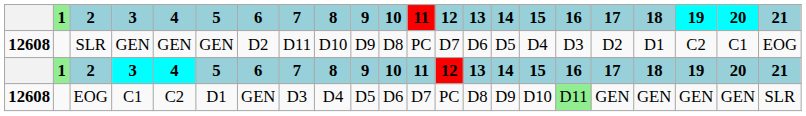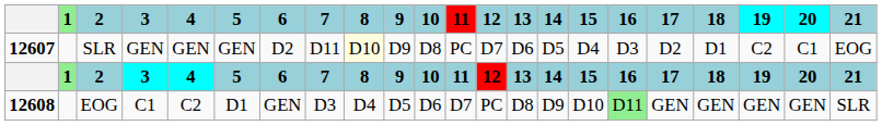 <table class="wikitable plainrowheaders unsortable" style="text-align:center">
 <tr>
 <th></th>
 <th rowspan="1" scope="col" style="background:lightgreen;">1</th>
 <th rowspan="1" scope="col" style="background:#97D0D9 ;">2</th>
 <th rowspan="1" scope="col" style="background:#97D0D9 ;">3</th>
 <th rowspan="1" scope="col" style="background:#97D0D9 ;">4</th>
 <th rowspan="1" scope="col" style="background:#97D0D9 ;">5</th>
 <th rowspan="1" scope="col" style="background:#97D0D9 ;">6</th>
 <th rowspan="1" scope="col" style="background:#97D0D9 ;">7</th>
 <th rowspan="1" scope="col" style="background:#97D0D9 ;">8</th>
 <th rowspan="1" scope="col" style="background:#97D0D9 ;">9</th>
 <th rowspan="1" scope="col" style="background:#97D0D9 ;">10</th>
 <th rowspan="1" scope="col" style="background:#FB0000 ;">11</th>
 <th rowspan="1" scope="col" style="background:#97D0D9 ;">12</th>
 <th rowspan="1" scope="col" style="background:#97D0D9 ;">13</th>
 <th rowspan="1" scope="col" style="background:#97D0D9 ;">14</th>
 <th rowspan="1" scope="col" style="background:#97D0D9 ;">15</th>
 <th rowspan="1" scope="col" style="background:#97D0D9 ;">16</th>
 <th rowspan="1" scope="col" style="background:#97D0D9 ;">17</th>
 <th rowspan="1" scope="col" style="background:#97D0D9 ;">18</th>
 <th rowspan="1" scope="col" style="background:aqua ;">19</th>
 <th rowspan="1" scope="col" style="background:aqua ;">20</th>
 <th rowspan="1" scope="col" style="background:#97D0D9 ;">21</th>
 </tr>
 <tr>
-<td><strong>12608</strong></td>
+<td><strong>12607</strong></td>
 <td></td>
 <td>SLR</td>
 <td>GEN</td>
 <td>GEN</td>
 <td>GEN</td>
 <td>D2</td>
 <td>D11</td>
-<td>D10</td>
+<td style="background: lightyellow;">D10</td>
 <td>D9</td>
 <td>D8</td>
 <td>PC</td>
 <td>D7</td>
 <td>D6</td>
 <td>D5</td>
 <td>D4</td>
 <td>D3</td>
 <td>D2</td>
 <td>D1</td>
 <td>C2</td>
 <td>C1</td>
 <td>EOG</td>
 </tr>
 <tr>
 <th></th>
 <th rowspan="1" scope="col" style="background:lightgreen ;">1</th>
 <th rowspan="1" scope="col" style="background:#97D0D9 ;">2</th>
 <th rowspan="1" scope="col" style="background:aqua ;">3</th>
 <th rowspan="1" scope="col" style="background:aqua ;">4</th>
 <th rowspan="1" scope="col" style="background:#97D0D9 ;">5</th>
 <th rowspan="1" scope="col" style="background:#97D0D9 ;">6</th>
 <th rowspan="1" scope="col" style="background:#97D0D9 ;">7</th>
 <th rowspan="1" scope="col" style="background:#97D0D9 ;">8</th>
 <th rowspan="1" scope="col" style="background:#97D0D9 ;">9</th>
 <th rowspan="1" scope="col" style="background:#97D0D9 ;">10</th>
 <th rowspan="1" scope="col" style="background:#97D0D9 ;">11</th>
 <th rowspan="1" scope="col" style="background:#FB0000 ;">12</th>
 <th rowspan="1" scope="col" style="background:#97D0D9 ;">13</th>
 <th rowspan="1" scope="col" style="background:#97D0D9 ;">14</th>
 <th rowspan="1" scope="col" style="background:#97D0D9 ;">15</th>
 <th rowspan="1" scope="col" style="background:#97D0D9 ;">16</th>
 <th rowspan="1" scope="col" style="background:#97D0D9 ;">17</th>
 <th rowspan="1" scope="col" style="background:#97D0D9 ;">18</th>
 <th rowspan="1" scope="col" style="background:#97D0D9 ;">19</th>
 <th rowspan="1" scope="col" style="background:#97D0D9 ;">20</th>
 <th rowspan="1" scope="col" style="background:#97D0D9 ;">21</th>
 </tr>
 <tr>
 <td><strong> 12608</strong></td>
 <td></td>
 <td>EOG</td>
 <td>C1</td>
 <td>C2</td>
 <td>D1</td>
 <td>GEN</td>
 <td>D3</td>
 <td>D4</td>
 <td>D5</td>
 <td>D6</td>
 <td>D7</td>
 <td>PC</td>
 <td>D8</td>
 <td>D9</td>
 <td>D10</td>
 <td style="background: lightgreen;">D11</td>
 <td>GEN</td>
 <td>GEN</td>
 <td>GEN</td>
 <td>GEN</td>
 <td>SLR</td>
 </tr>
 </table>
